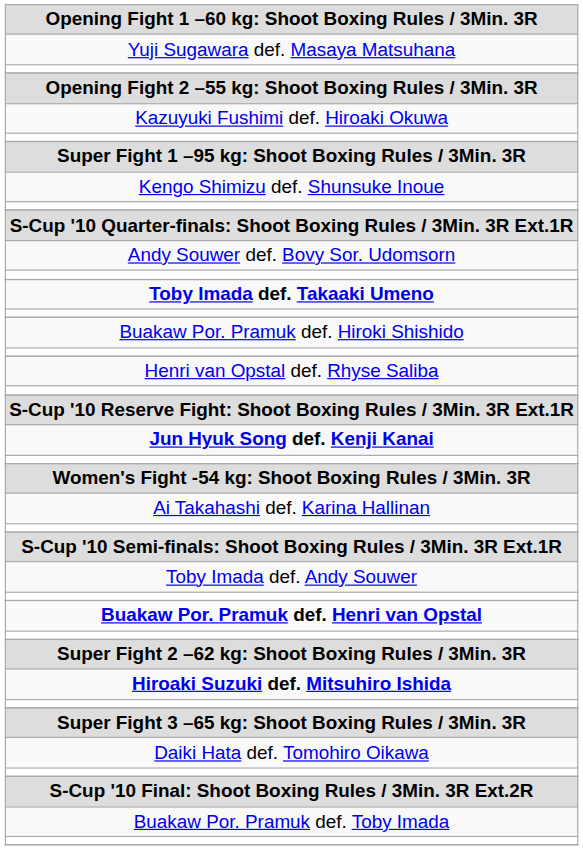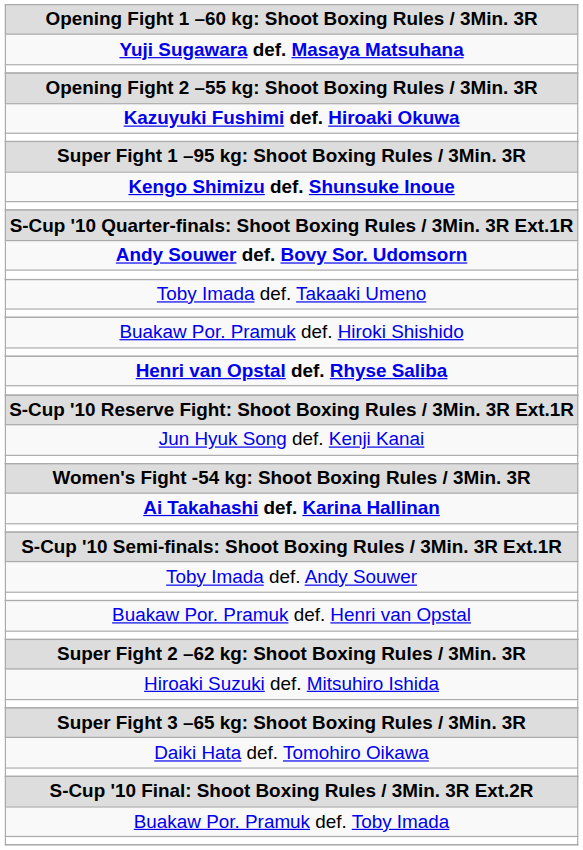 <table class="wikitable" style="clear:both; margin:1.5em auto; text-align:center;">
 <tr>
 </tr>
 <tr align="center"  bgcolor="#dddddd">
 <td><strong>Opening Fight 1 –60 kg: Shoot Boxing Rules / 3Min. 3R</strong></td>
 </tr>
 <tr align="center"  bgcolor=>
-<td align=center> <a href='#'>Yuji Sugawara</a> def. <a href='#'>Masaya Matsuhana</a> </td>
+<td align=center><strong> <a href='#'>Yuji Sugawara</a> def. <a href='#'>Masaya Matsuhana</a> </strong></td>
 </tr>
 <tr>
 <th style=background:white colspan=2></th>
 </tr>
 <tr>
 </tr>
 <tr align="center"  bgcolor="#dddddd">
 <td><strong>Opening Fight 2 –55 kg: Shoot Boxing Rules / 3Min. 3R</strong></td>
 </tr>
 <tr align="center"  bgcolor=>
-<td align=center> <a href='#'>Kazuyuki Fushimi</a> def. <a href='#'>Hiroaki Okuwa</a> </td>
+<td align=center><strong> <a href='#'>Kazuyuki Fushimi</a> def. <a href='#'>Hiroaki Okuwa</a> </strong></td>
 </tr>
 <tr>
 <th style=background:white colspan=2></th>
 </tr>
 <tr>
 </tr>
 <tr align="center"  bgcolor="#dddddd">
 <td><strong>Super Fight 1 –95 kg: Shoot Boxing Rules / 3Min. 3R</strong></td>
 </tr>
 <tr align="center"  bgcolor=>
-<td align=center> <a href='#'>Kengo Shimizu</a> def. <a href='#'>Shunsuke Inoue</a> </td>
+<td align=center><strong> <a href='#'>Kengo Shimizu</a> def. <a href='#'>Shunsuke Inoue</a> </strong></td>
 </tr>
 <tr>
 <th style=background:white colspan=2></th>
 </tr>
 <tr>
 </tr>
 <tr align="center"  bgcolor="#dddddd">
 <td><strong>S-Cup '10 Quarter-finals: Shoot Boxing Rules / 3Min. 3R Ext.1R</strong></td>
 </tr>
 <tr align="center"  bgcolor=>
-<td align=center> <a href='#'>Andy Souwer</a> def. <a href='#'>Bovy Sor. Udomsorn</a> </td>
+<td align=center><strong> <a href='#'>Andy Souwer</a> def. <a href='#'>Bovy Sor. Udomsorn</a> </strong></td>
 </tr>
 <tr>
 <th style=background:white colspan=2></th>
 </tr>
 <tr>
 </tr>
 <tr align="center"  bgcolor=>
-<td align=center><strong> <a href='#'>Toby Imada</a> def. <a href='#'>Takaaki Umeno</a> </strong></td>
+<td align=center> <a href='#'>Toby Imada</a> def. <a href='#'>Takaaki Umeno</a> </td>
 </tr>
 <tr>
 <th style=background:white colspan=2></th>
 </tr>
 <tr>
 </tr>
 <tr align="center"  bgcolor=>
 <td align=center> <a href='#'>Buakaw Por. Pramuk</a> def. <a href='#'>Hiroki Shishido</a> </td>
 </tr>
 <tr>
 <th style=background:white colspan=2></th>
 </tr>
 <tr>
 </tr>
 <tr align="center"  bgcolor=>
-<td align=center> <a href='#'>Henri van Opstal</a> def. <a href='#'>Rhyse Saliba</a> </td>
+<td align=center><strong> <a href='#'>Henri van Opstal</a> def. <a href='#'>Rhyse Saliba</a> </strong></td>
 </tr>
 <tr>
 <th style=background:white colspan=2></th>
 </tr>
 <tr>
 </tr>
 <tr align="center"  bgcolor="#dddddd">
 <td><strong>S-Cup '10 Reserve Fight: Shoot Boxing Rules / 3Min. 3R Ext.1R</strong></td>
 </tr>
 <tr align="center"  bgcolor=>
-<td align=center><strong> <a href='#'>Jun Hyuk Song</a> def. <a href='#'>Kenji Kanai</a> </strong></td>
+<td align=center> <a href='#'>Jun Hyuk Song</a> def. <a href='#'>Kenji Kanai</a> </td>
 </tr>
 <tr>
 <th style=background:white colspan=2></th>
 </tr>
 <tr>
 </tr>
 <tr align="center"  bgcolor="#dddddd">
 <td><strong>Women's Fight -54 kg: Shoot Boxing Rules / 3Min. 3R</strong></td>
 </tr>
 <tr align="center"  bgcolor=>
-<td align=center> <a href='#'>Ai Takahashi</a> def. <a href='#'>Karina Hallinan</a> </td>
+<td align=center><strong> <a href='#'>Ai Takahashi</a> def. <a href='#'>Karina Hallinan</a> </strong></td>
 </tr>
 <tr>
 <th style=background:white colspan=2></th>
 </tr>
 <tr>
 </tr>
 <tr align="center"  bgcolor="#dddddd">
 <td><strong>S-Cup '10 Semi-finals: Shoot Boxing Rules / 3Min. 3R Ext.1R</strong></td>
 </tr>
 <tr align="center"  bgcolor=>
 <td align=center> <a href='#'>Toby Imada</a> def. <a href='#'>Andy Souwer</a> </td>
 </tr>
 <tr>
 <th style=background:white colspan=2></th>
 </tr>
 <tr>
 </tr>
 <tr align="center"  bgcolor=>
-<td align=center><strong> <a href='#'>Buakaw Por. Pramuk</a> def. <a href='#'>Henri van Opstal</a> </strong></td>
+<td align=center> <a href='#'>Buakaw Por. Pramuk</a> def. <a href='#'>Henri van Opstal</a> </td>
 </tr>
 <tr>
 <th style=background:white colspan=2></th>
 </tr>
 <tr>
 </tr>
 <tr align="center"  bgcolor="#dddddd">
 <td><strong>Super Fight 2 –62 kg: Shoot Boxing Rules / 3Min. 3R</strong></td>
 </tr>
 <tr align="center"  bgcolor=>
-<td align=center><strong> <a href='#'>Hiroaki Suzuki</a> def. <a href='#'>Mitsuhiro Ishida</a> </strong></td>
+<td align=center> <a href='#'>Hiroaki Suzuki</a> def. <a href='#'>Mitsuhiro Ishida</a> </td>
 </tr>
 <tr>
 <th style=background:white colspan=2></th>
 </tr>
 <tr>
 </tr>
 <tr align="center"  bgcolor="#dddddd">
 <td><strong>Super Fight 3 –65 kg: Shoot Boxing Rules / 3Min. 3R</strong></td>
 </tr>
 <tr align="center"  bgcolor=>
 <td align=center> <a href='#'>Daiki Hata</a> def. <a href='#'>Tomohiro Oikawa</a> </td>
 </tr>
 <tr>
 <th style=background:white colspan=2></th>
 </tr>
 <tr>
 </tr>
 <tr align="center"  bgcolor="#dddddd">
 <td><strong>S-Cup '10 Final: Shoot Boxing Rules / 3Min. 3R Ext.2R</strong></td>
 </tr>
 <tr align="center"  bgcolor=>
 <td align=center> <a href='#'>Buakaw Por. Pramuk</a> def. <a href='#'>Toby Imada</a> </td>
 </tr>
 <tr>
 <th style=background:white colspan=2></th>
 </tr>
 <tr>
 </tr>
 </table>
